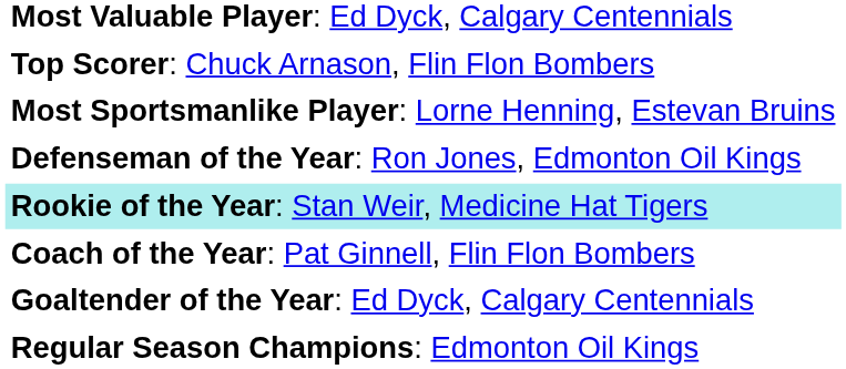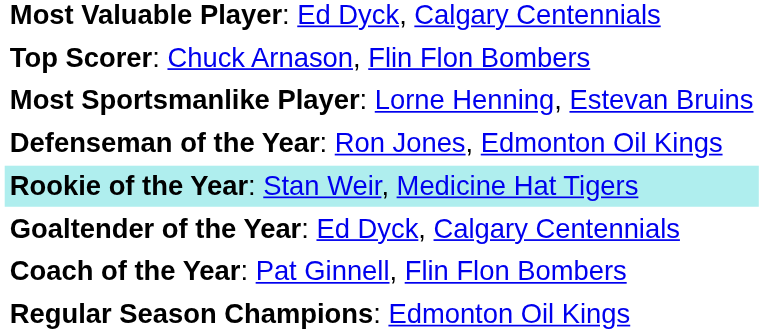 <table cellpadding="3" cellspacing="1">
 <tr>
 <td><strong>Most Valuable Player</strong>: <a href='#'>Ed Dyck</a>, <a href='#'>Calgary Centennials</a></td>
 </tr>
 <tr>
 <td><strong>Top Scorer</strong>: <a href='#'>Chuck Arnason</a>, <a href='#'>Flin Flon Bombers</a></td>
 </tr>
 <tr>
 <td><strong>Most Sportsmanlike Player</strong>: <a href='#'>Lorne Henning</a>, <a href='#'>Estevan Bruins</a></td>
 </tr>
 <tr>
 <td><strong>Defenseman of the Year</strong>: <a href='#'>Ron Jones</a>, <a href='#'>Edmonton Oil Kings</a></td>
 </tr>
 <tr>
 <td style="background: paleturquoise;"><strong>Rookie of the Year</strong>: <a href='#'>Stan Weir</a>, <a href='#'>Medicine Hat Tigers</a></td>
 </tr>
 <tr>
-<td><strong>Coach of the Year</strong>: <a href='#'>Pat Ginnell</a>, <a href='#'>Flin Flon Bombers</a></td>
+<td><strong>Goaltender of the Year</strong>: <a href='#'>Ed Dyck</a>, <a href='#'>Calgary Centennials</a></td>
 </tr>
 <tr>
-<td><strong>Goaltender of the Year</strong>: <a href='#'>Ed Dyck</a>, <a href='#'>Calgary Centennials</a></td>
+<td><strong>Coach of the Year</strong>: <a href='#'>Pat Ginnell</a>, <a href='#'>Flin Flon Bombers</a></td>
 </tr>
 <tr>
 <td><strong>Regular Season Champions</strong>: <a href='#'>Edmonton Oil Kings</a></td>
 </tr>
 </table>
